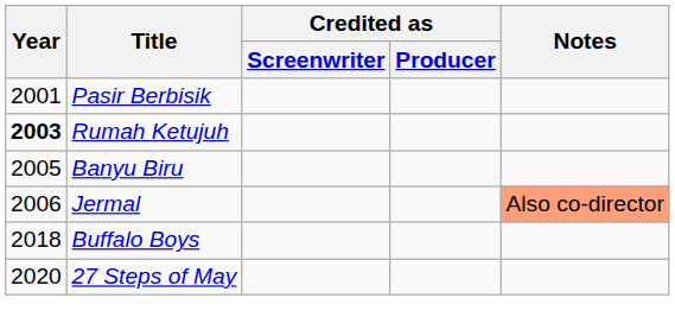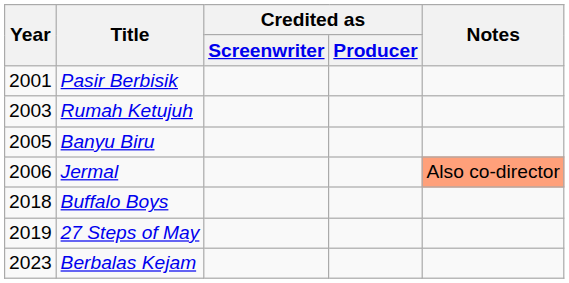 <table class="wikitable plainrowheaders sortable">
 <tr>
 <th rowspan="2" scope="col">Year</th>
 <th rowspan="2" scope="col">Title</th>
 <th colspan="2" scope="col">Credited as</th>
 <th rowspan="2" scope="col" class="unsortable">Notes</th>
 </tr>
 <tr>
 <th><a href='#'>Screenwriter</a></th>
 <th><a href='#'>Producer</a></th>
 </tr>
 <tr>
 <td>2001</td>
 <td><em><a href='#'>Pasir Berbisik</a></em></td>
 <td></td>
 <td></td>
 <td></td>
 </tr>
 <tr>
-<td><strong>2003</strong></td>
+<td>2003</td>
 <td><em><a href='#'>Rumah Ketujuh</a></em></td>
 <td></td>
 <td></td>
 <td></td>
 </tr>
 <tr>
 <td>2005</td>
 <td><em><a href='#'>Banyu Biru</a></em></td>
 <td></td>
 <td></td>
 <td></td>
 </tr>
 <tr>
 <td>2006</td>
 <td><em><a href='#'>Jermal</a></em></td>
 <td></td>
 <td></td>
 <td style="background: lightsalmon;">Also co-director</td>
 </tr>
 <tr>
 <td>2018</td>
 <td><em><a href='#'>Buffalo Boys</a></em></td>
 <td></td>
 <td></td>
 <td></td>
 </tr>
 <tr>
-<td>2020</td>
+<td>2019</td>
 <td><em><a href='#'>27 Steps of May</a></em></td>
 <td></td>
 <td></td>
 <td></td>
 </tr>
+<tr>
+<td>2023</td>
+<td><em><a href='#'>Berbalas Kejam</a></em></td>
+<td></td>
+<td></td>
+<td></td>
+</tr>
 </table>
